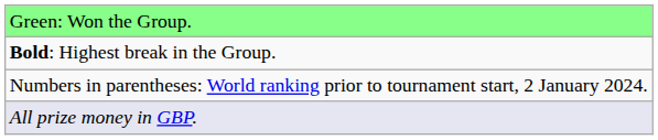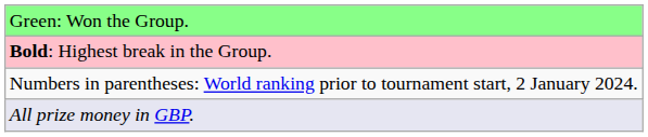 <table class="wikitable" style="font-size:85%;">
 <tr style="background:#88ff88;">
 <td>Green: Won the Group.</td>
 </tr>
 <tr>
-<td><strong>Bold</strong>: Highest break in the Group.</td>
+<td style="background: pink;"><strong>Bold</strong>: Highest break in the Group.</td>
 </tr>
 <tr>
 <td>Numbers in parentheses: <a href='#'>World ranking</a> prior to tournament start, 2 January 2024.</td>
 </tr>
 <tr style="background:#e6e6f2;">
 <td><em>All prize money in <a href='#'>GBP</a>.</em></td>
 </tr>
 </table>
